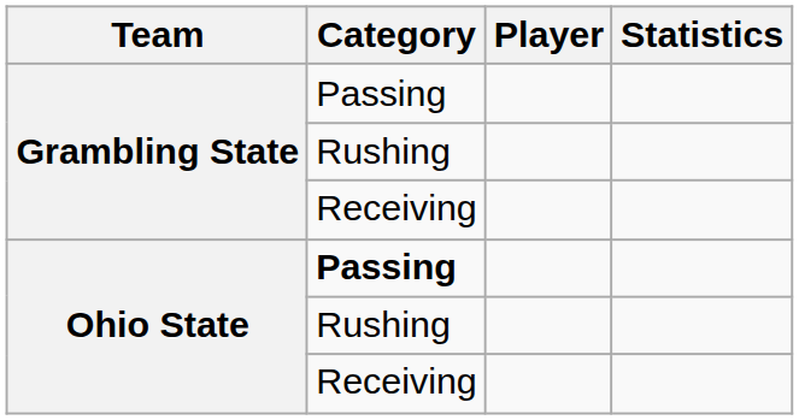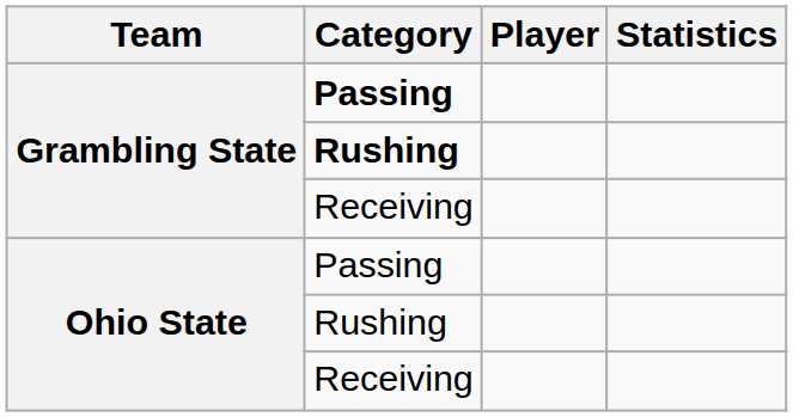 <table class="wikitable" style="float:right">
 <tr>
 <th>Team</th>
 <th>Category</th>
 <th>Player</th>
 <th>Statistics</th>
 </tr>
 <tr>
 <th rowspan=3>Grambling State</th>
+<td><strong>Passing</strong></td>
+<td></td>
+<td></td>
+</tr>
+<tr>
+<td><strong>Rushing</strong></td>
+<td></td>
+<td></td>
+</tr>
+<tr>
+<td>Receiving</td>
+<td></td>
+<td></td>
+</tr>
+<tr>
+<th rowspan=3>Ohio State</th>
 <td>Passing</td>
 <td></td>
 <td></td>
 </tr>
 <tr>
 <td>Rushing</td>
 <td></td>
 <td></td>
 </tr>
 <tr>
 <td>Receiving</td>
 <td></td>
 <td></td>
 </tr>
-<tr>
-<th rowspan=3>Ohio State</th>
-<td><strong>Passing</strong></td>
-<td></td>
-<td></td>
-</tr>
-<tr>
-<td>Rushing</td>
-<td></td>
-<td></td>
-</tr>
-<tr>
-<td>Receiving</td>
-<td></td>
-<td></td>
-</tr>
 </table>
